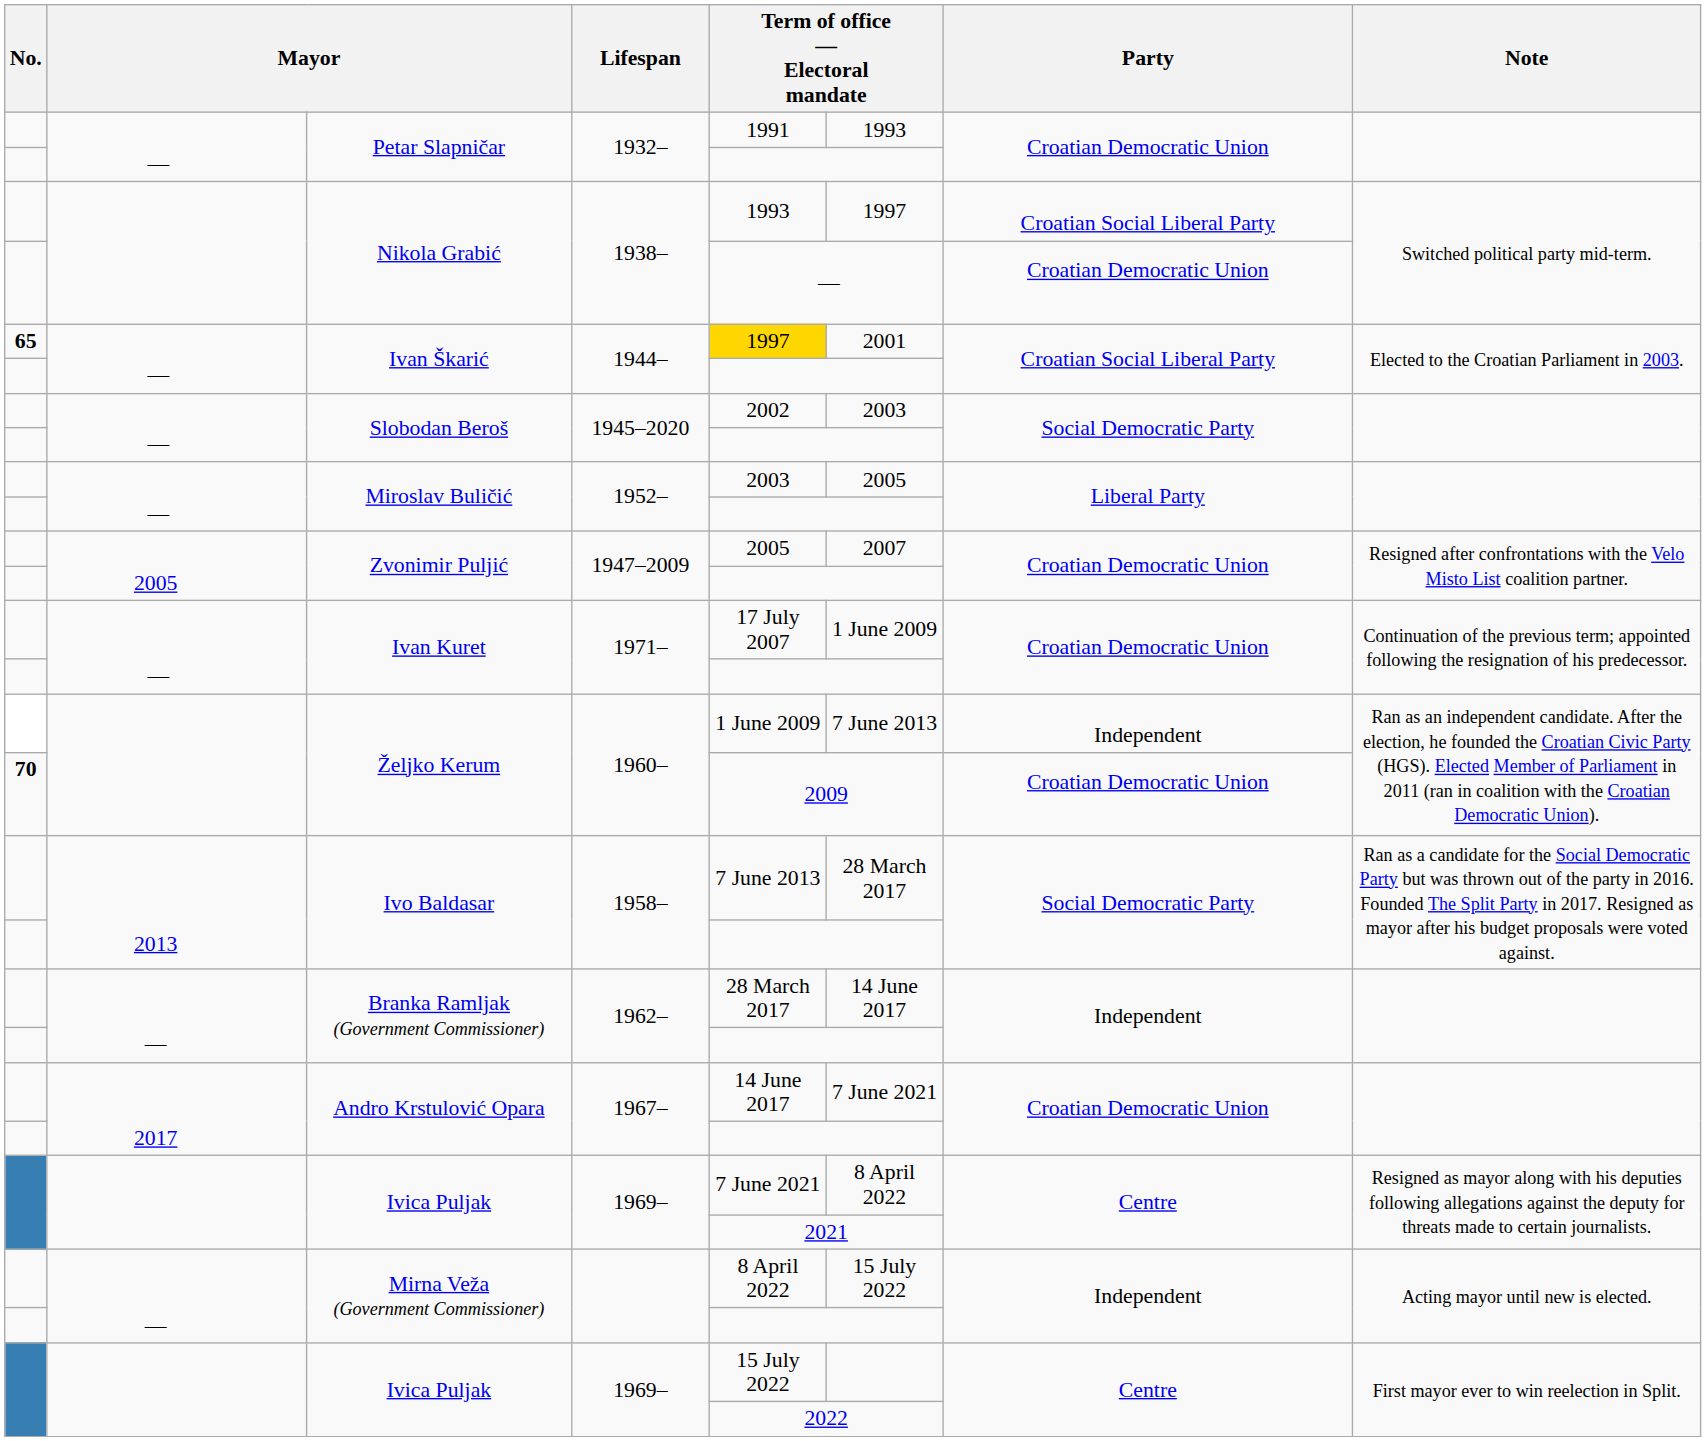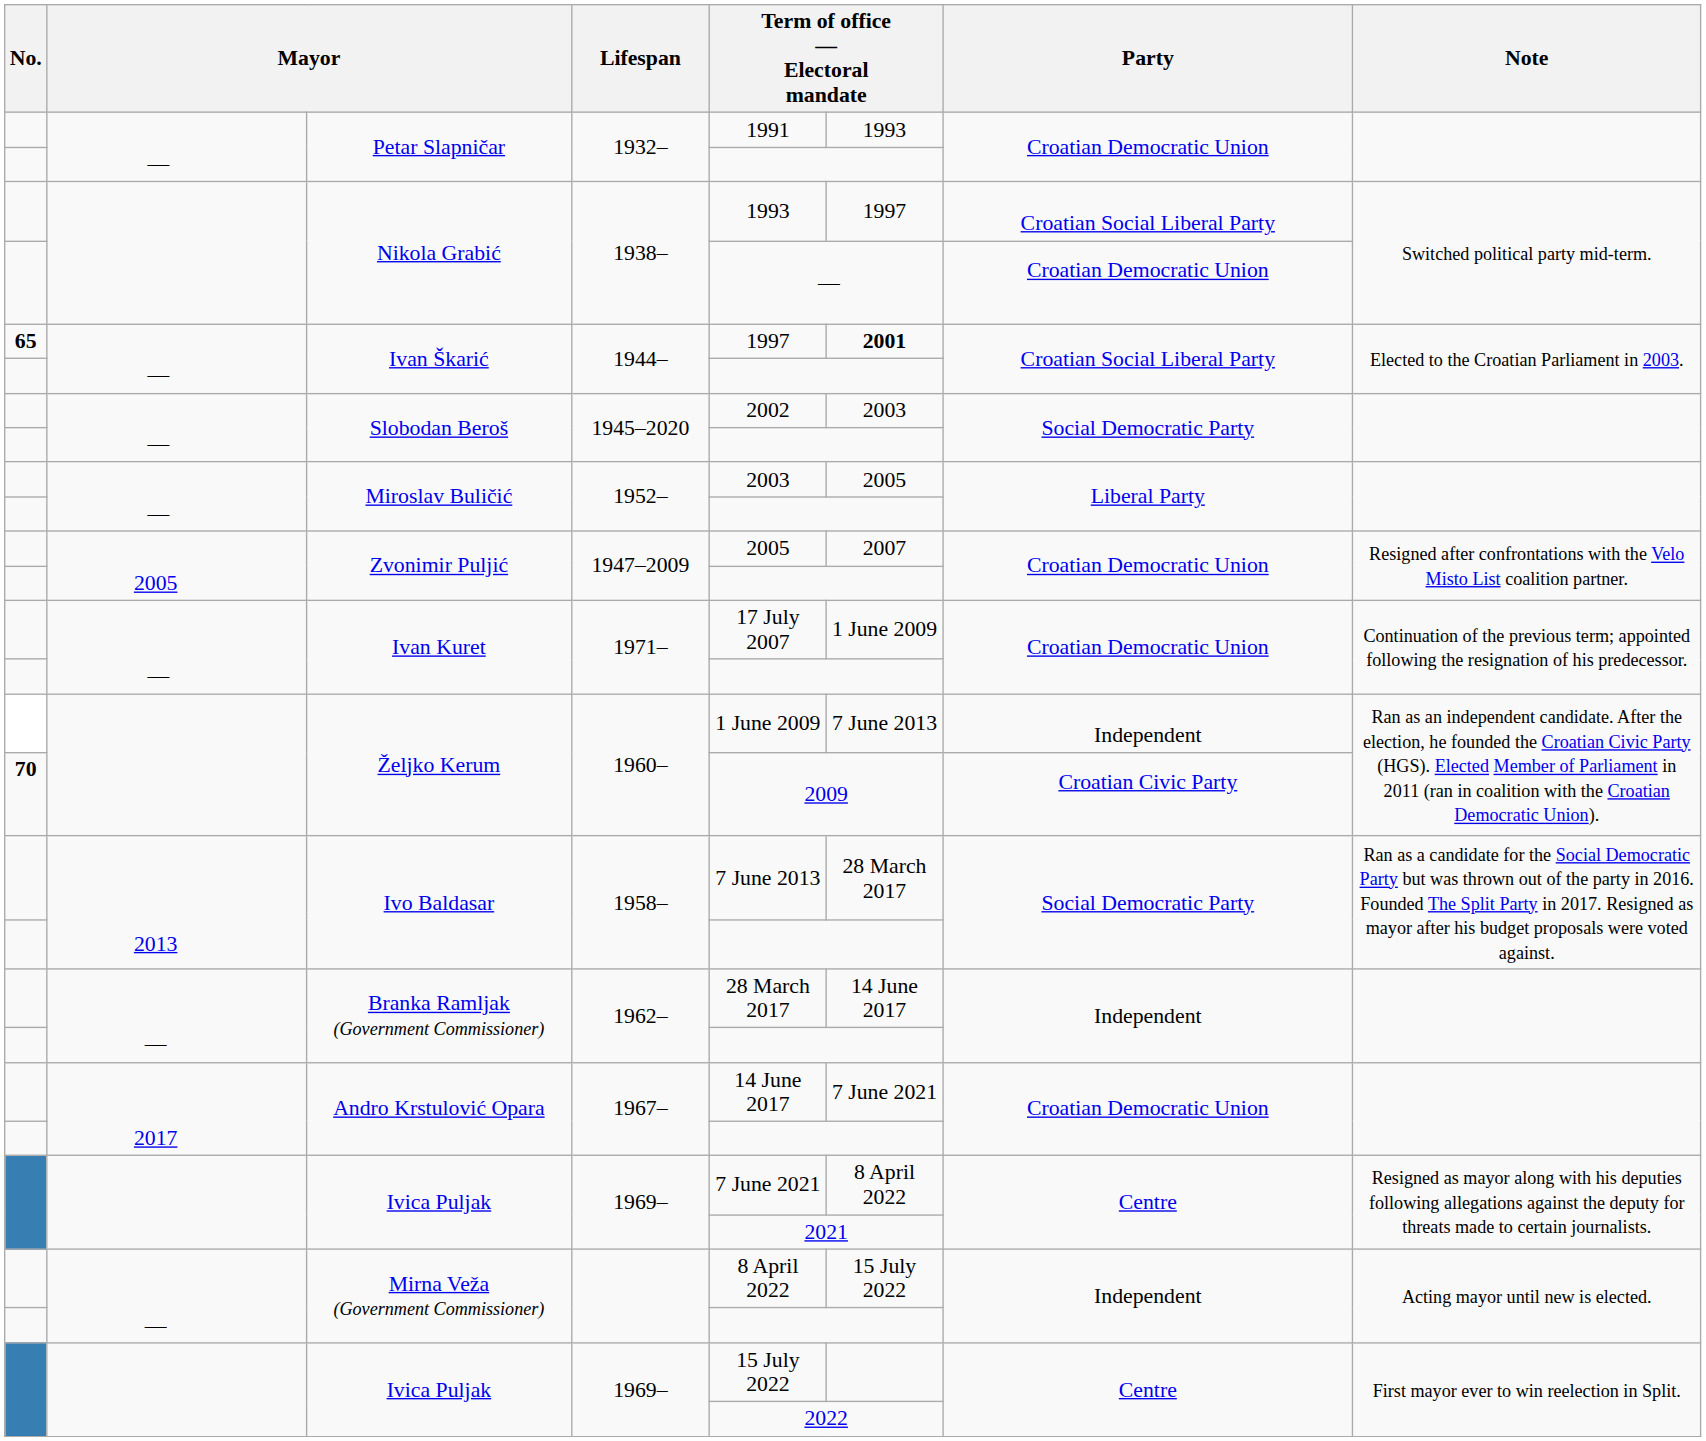 <table class="wikitable" style="text-align:center;">
 <tr>
 <th>No.</th>
 <th colspan=2>Mayor</th>
 <th>Lifespan</th>
 <th colspan="2">Term of office<br>—<br>Electoral<br>mandate</th>
 <th>Party</th>
 <th>Note</th>
 </tr>
 <tr>
 <td style="background: "></td>
 <td style="width:1em;" rowspan="2"></td>
 <td style="width:12em;" rowspan="2"><a href='#'>Petar Slapničar</a></td>
 <td style="width:6em;" rowspan="2">1932–</td>
 <td style="width:5em;">1991</td>
 <td style="width:5em;">1993</td>
 <td style="width:19em;" rowspan="2"><a href='#'>Croatian Democratic Union</a></td>
 <td style="width:16em;" rowspan="2"><small></small></td>
 </tr>
 <tr>
 <td colspan="2" align="center"> —</td>
 </tr>
 <tr>
 <td style="background: "> </td>
 <td style="width:1em;" rowspan="2"></td>
 <td style="width:12em;" rowspan="2"><a href='#'>Nikola Grabić</a></td>
 <td style="width:6em;" rowspan="2">1938–</td>
 <td style="width:5em;">1993</td>
 <td style="width:5em;">1997</td>
 <td style="width:19em;"><br><a href='#'>Croatian Social Liberal Party</a></td>
 <td style="width:16em;" rowspan="2"><small>Switched political party mid-term.</small></td>
 </tr>
 <tr>
 <td width="5px" style="background: "><br><br><br></td>
 <td colspan="2" align="center"> —</td>
 <td><a href='#'>Croatian Democratic Union</a><br><br></td>
 </tr>
 <tr>
 <td style="background: "><strong>65</strong></td>
 <td style="width:1em;" rowspan="2"></td>
 <td style="width:12em;" rowspan="2"><a href='#'>Ivan Škarić</a></td>
 <td style="width:6em;" rowspan="2">1944–</td>
-<td style="background: gold; width:5em;">1997</td>
-<td style="width:5em;">2001</td>
+<td style="width:5em;">1997</td>
+<td style="width:5em;"><strong>2001</strong></td>
 <td style="width:19em;" rowspan="2"><a href='#'>Croatian Social Liberal Party</a></td>
 <td style="width:16em;" rowspan="2"><small>Elected to the Croatian Parliament in <a href='#'>2003</a>.</small></td>
 </tr>
 <tr>
 <td colspan="2" align="center"> —</td>
 </tr>
 <tr>
 <td style="background: "></td>
 <td style="width:1em;" rowspan="2"></td>
 <td style="width:12em;" rowspan="2"><a href='#'>Slobodan Beroš</a></td>
 <td style="width:6em;" rowspan="2">1945–2020</td>
 <td style="width:5em;">2002</td>
 <td style="width:5em;">2003</td>
 <td style="width:19em;" rowspan="2"><a href='#'>Social Democratic Party</a></td>
 <td style="width:16em;" rowspan="2"><small></small></td>
 </tr>
 <tr>
 <td colspan="2" align="center"> —</td>
 </tr>
 <tr>
 <td style="background: "></td>
 <td style="width:1em;" rowspan="2"></td>
 <td style="width:12em;" rowspan="2"><a href='#'>Miroslav Buličić</a></td>
 <td style="width:6em;" rowspan="2">1952–</td>
 <td style="width:5em;">2003</td>
 <td style="width:5em;">2005</td>
 <td style="width:19em;" rowspan="2"><a href='#'>Liberal Party</a></td>
 <td style="width:16em;" rowspan="2"><small></small></td>
 </tr>
 <tr>
 <td colspan="2" align="center"> —</td>
 </tr>
 <tr>
 <td style="background: "></td>
 <td style="width:1em;" rowspan="2"></td>
 <td style="width:12em;" rowspan="2"><a href='#'>Zvonimir Puljić</a></td>
 <td style="width:6em;" rowspan="2">1947–2009</td>
 <td style="width:5em;">2005</td>
 <td style="width:5em;">2007</td>
 <td style="width:19em;" rowspan="2"><a href='#'>Croatian Democratic Union</a></td>
 <td style="width:16em;" rowspan="2"><small>Resigned after confrontations with the <a href='#'>Velo Misto List</a> coalition partner.</small></td>
 </tr>
 <tr>
 <td colspan="2" align="center"><a href='#'>2005</a></td>
 </tr>
 <tr>
 <td style="background: "></td>
 <td style="width:1em;" rowspan="2"></td>
 <td style="width:12em;" rowspan="2"><a href='#'>Ivan Kuret</a></td>
 <td style="width:6em;" rowspan="2">1971–</td>
 <td style="width:5em;">17 July 2007</td>
 <td style="width:5em;">1 June 2009</td>
 <td style="width:19em;" rowspan="2"><a href='#'>Croatian Democratic Union</a></td>
 <td style="width:16em;" rowspan="2"><small>Continuation of the previous term; appointed following the resignation of his predecessor.</small></td>
 </tr>
 <tr>
 <td colspan="2" align="center"> —</td>
 </tr>
 <tr>
 <td style="background: white; width:1em"></td>
 <td style="width:1em;" rowspan="2"></td>
 <td style="width:12em;" rowspan="2"><a href='#'>Željko Kerum</a></td>
 <td style="width:6em;" rowspan="2">1960–</td>
 <td style="width:5em;">1 June 2009</td>
 <td style="width:5em;">7 June 2013</td>
 <td style="width:19em;"><br>Independent</td>
 <td style="width:16em;" rowspan="2"><small>Ran as an independent candidate. After the election, he founded the <a href='#'>Croatian Civic Party</a> (HGS). <a href='#'>Elected</a> <a href='#'>Member of Parliament</a> in 2011 (ran in coalition with the <a href='#'>Croatian Democratic Union</a>).</small></td>
 </tr>
 <tr>
 <td width="5px" style="background: "><strong>70</strong><br><br><br></td>
 <td colspan="2" align="center"><a href='#'>2009</a></td>
-<td><a href='#'>Croatian Democratic Union</a><br><br></td>
+<td><a href='#'>Croatian Civic Party</a><br><br></td>
 </tr>
 <tr>
 <td style="background: "></td>
 <td style="width:1em;" rowspan="2"></td>
 <td style="width:12em;" rowspan="2"><a href='#'>Ivo Baldasar</a></td>
 <td style="width:6em;" rowspan="2">1958–</td>
 <td style="width:5em;">7 June 2013</td>
 <td style="width:5em;">28 March 2017</td>
 <td style="width:19em;" rowspan="2"><a href='#'>Social Democratic Party</a></td>
 <td style="width:16em;" rowspan="2"><small>Ran as a candidate for the <a href='#'>Social Democratic Party</a> but was thrown out of the party in 2016. Founded <a href='#'>The Split Party</a> in 2017. Resigned as mayor after his budget proposals were voted against.</small></td>
 </tr>
 <tr>
 <td colspan="2" align="center"><a href='#'>2013</a></td>
 </tr>
 <tr>
 <td style="background: "></td>
 <td style="width:1em;" rowspan="2"></td>
 <td style="width:12em;" rowspan="2"><a href='#'>Branka Ramljak</a><br><small><em>(Government Commissioner)</em></small></td>
 <td style="width:6em;" rowspan="2">1962–</td>
 <td style="width:5em;">28 March 2017</td>
 <td style="width:5em;">14 June 2017</td>
 <td style="width:19em;" rowspan="2">Independent</td>
 <td style="width:16em;" rowspan="2"></td>
 </tr>
 <tr>
 <td colspan="2" align="center">—</td>
 </tr>
 <tr>
 <td style="background: "></td>
 <td style="width:1em;" rowspan="2"></td>
 <td style="width:12em;" rowspan="2"><a href='#'>Andro Krstulović Opara</a></td>
 <td style="width:6em;" rowspan="2">1967–</td>
 <td style="width:5em;">14 June 2017</td>
 <td style="width:5em;">7 June 2021</td>
 <td style="width:19em;" rowspan="2"><a href='#'>Croatian Democratic Union</a></td>
 <td style="width:16em;" rowspan="2"></td>
 </tr>
 <tr>
 <td colspan="2" align="center"><a href='#'>2017</a></td>
 </tr>
 <tr>
 <td style="background: #377eb2; width:1em" rowspan="2"></td>
 <td style="width:1em;" rowspan="2"></td>
 <td style="width:12em;" rowspan="2"><a href='#'>Ivica Puljak</a></td>
 <td style="width:6em;" rowspan="2">1969–</td>
 <td style="width:5em;">7 June 2021</td>
 <td style="width:5em;">8 April 2022</td>
 <td style="width:19em;" rowspan="2"><a href='#'>Centre</a></td>
 <td style="width:16em;" rowspan="2"><small>Resigned as mayor along with his deputies following allegations against the deputy for threats made to certain journalists.</small></td>
 </tr>
 <tr>
 <td colspan="2" align="center"><a href='#'>2021</a></td>
 </tr>
 <tr>
 <td style="background: "></td>
 <td style="width:12em;" rowspan="2"></td>
 <td style="width:12em;" rowspan="2"><a href='#'>Mirna Veža</a><br><small><em>(Government Commissioner)</em></small></td>
 <td style="width:6em;" rowspan="2"></td>
 <td style="width:5em;">8 April 2022</td>
 <td style="width:5em;">15 July 2022</td>
 <td style="width:19em;" rowspan="2">Independent</td>
 <td style="width:16em;" rowspan="2"><small>Acting mayor until new is elected.</small></td>
 </tr>
 <tr>
 <td colspan="2">—</td>
 </tr>
 <tr>
 <td style="background: #377eb2; width:1em" rowspan="2"></td>
 <td style="width:1em;" rowspan="2"></td>
 <td style="width:12em;" rowspan="2"><a href='#'>Ivica Puljak</a></td>
 <td style="width:6em;" rowspan="2">1969–</td>
 <td style="width:5em;">15 July 2022</td>
 <td style="width:5em;"></td>
 <td style="width:19em;" rowspan="2"><a href='#'>Centre</a></td>
 <td style="width:16em;" rowspan="2"><small>First mayor ever to win reelection in Split.</small></td>
 </tr>
 <tr>
 <td colspan="2" align="center"><a href='#'>2022</a></td>
 </tr>
 <tr>
 </tr>
 </table>
